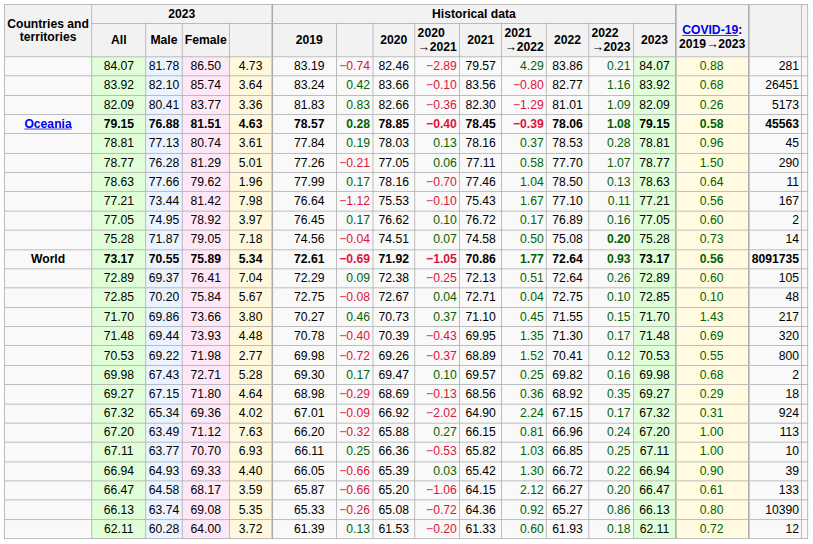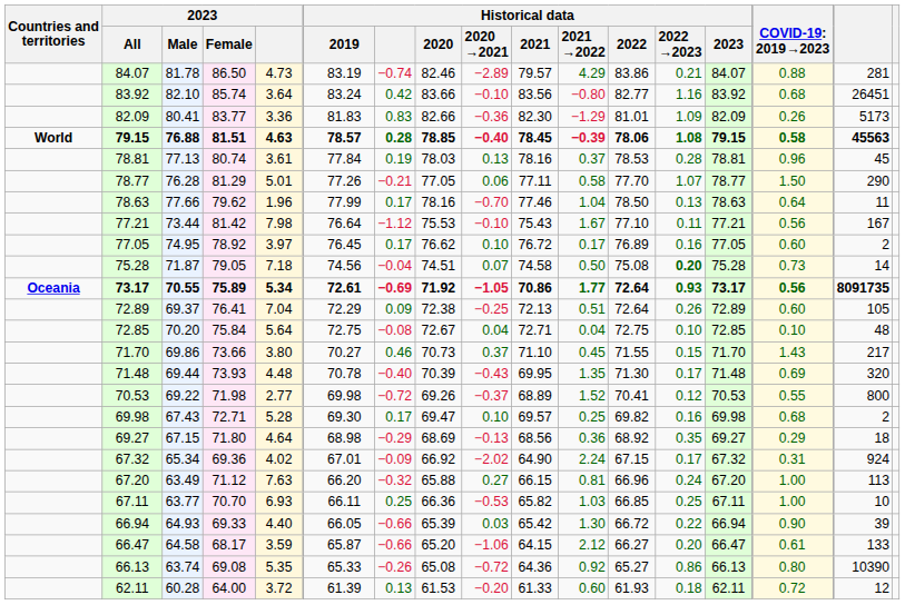 <table class="wikitable sortable mw-datatable static-row-numbers sticky-header-multi sort-under" style=text-align:right;>
 <tr>
 <th rowspan=2 style="vertical-align:middle;">Countries and<br>territories</th>
 <th colspan=4>2023</th>
 <th colspan=9 style="border-left-width:2px;">Historical data</th>
 <th rowspan=2 style="border-left-width:2px; text-align:middle;"><br><a href='#'>COVID-19</a>:<br>2019→2023</th>
 <th rowspan=2 style="border-left-width:2px; text-align:middle;"></th>
 <th rowspan=2></th>
 </tr>
 <tr>
 <th style="vertical-align:middle;width:4em;">All</th>
 <th style="vertical-align:middle;">Male</th>
 <th style="vertical-align:middle;">Female</th>
 <th style="vertical-align:middle; width:3em;"></th>
 <th style="border-left-width:2px; vertical-align:middle; width:4em; padding-left:1em;">2019</th>
 <th style="text-align:left;"></th>
 <th style="vertical-align:middle; width:3em;">2020</th>
 <th style="text-align:left;">2020<br>→2021</th>
 <th style="vertical-align:middle; width:3em;">2021</th>
 <th style="text-align:left;">2021<br>→2022</th>
 <th style="vertical-align:middle; width:3em;">2022</th>
 <th style="text-align:left;">2022<br>→2023</th>
 <th style="vertical-align:middle; width:3em;">2023</th>
 </tr>
 <tr>
 <td align=left></td>
 <td style="text-align:center;background:#e0ffd8;">84.07</td>
 <td style="text-align:center;background:#eaf3ff;">81.78</td>
 <td style="text-align:center;background:#fee7f6;">86.50</td>
 <td style="text-align:center;background:#fff8dc;">4.73</td>
 <td style="text-align:center;border-left-width:2px;padding-left:1em;">83.19</td>
 <td style=" color:crimson;">−0.74</td>
 <td style="text-align:center;">82.46</td>
 <td style=" color:crimson;">−2.89</td>
 <td style="text-align:center;">79.57</td>
 <td style=" color:darkgreen;">4.29</td>
 <td style="text-align:center;">83.86</td>
 <td style=" color:darkgreen;">0.21</td>
 <td style="text-align:center;background:#e0ffd8;">84.07</td>
 <td style="background:#fffae0;border-left-width:2px;padding-right:2em; color:darkgreen;">0.88</td>
 <td style="border-left-width:2px;">281</td>
 <td align=center></td>
 </tr>
 <tr>
 <td align=left></td>
 <td style="text-align:center;background:#e0ffd8;">83.92</td>
 <td style="text-align:center;background:#eaf3ff;">82.10</td>
 <td style="text-align:center;background:#fee7f6;">85.74</td>
 <td style="text-align:center;background:#fff8dc;">3.64</td>
 <td style="text-align:center;border-left-width:2px;padding-left:1em;">83.24</td>
 <td style=" color:darkgreen;">0.42</td>
 <td style="text-align:center;">83.66</td>
 <td style=" color:crimson;">−0.10</td>
 <td style="text-align:center;">83.56</td>
 <td style=" color:crimson;">−0.80</td>
 <td style="text-align:center;">82.77</td>
 <td style=" color:darkgreen;">1.16</td>
 <td style="text-align:center;background:#e0ffd8;">83.92</td>
 <td style="background:#fffae0;border-left-width:2px;padding-right:2em; color:darkgreen;">0.68</td>
 <td style="border-left-width:2px;">26451</td>
 <td align=center></td>
 </tr>
 <tr>
 <td align=left></td>
 <td style="text-align:center;background:#e0ffd8;">82.09</td>
 <td style="text-align:center;background:#eaf3ff;">80.41</td>
 <td style="text-align:center;background:#fee7f6;">83.77</td>
 <td style="text-align:center;background:#fff8dc;">3.36</td>
 <td style="text-align:center;border-left-width:2px;padding-left:1em;">81.83</td>
 <td style=" color:darkgreen;">0.83</td>
 <td style="text-align:center;">82.66</td>
 <td style=" color:crimson;">−0.36</td>
 <td style="text-align:center;">82.30</td>
 <td style=" color:crimson;">−1.29</td>
 <td style="text-align:center;">81.01</td>
 <td style=" color:darkgreen;">1.09</td>
 <td style="text-align:center;background:#e0ffd8;">82.09</td>
 <td style="background:#fffae0;border-left-width:2px;padding-right:2em; color:darkgreen;">0.26</td>
 <td style="border-left-width:2px;">5173</td>
 <td align=center></td>
 </tr>
 <tr class=static-row-header>
-<td align=center><strong><a href='#'>Oceania</a></strong></td>
+<td align=center><strong>World</strong></td>
 <td style="text-align:center;background:#e0ffd8;"><strong>79.15</strong></td>
 <td style="text-align:center;background:#eaf3ff;"><strong>76.88</strong></td>
 <td style="text-align:center;background:#fee7f6;"><strong>81.51</strong></td>
 <td style="text-align:center;background:#fff8dc;"><strong>4.63</strong></td>
 <td style="text-align:center;border-left-width:2px;padding-left:1em;"><strong>78.57</strong></td>
 <td style=" color:darkgreen;"><strong>0.28</strong></td>
 <td style="text-align:center;"><strong>78.85</strong></td>
 <td style=" color:crimson;"><strong>−0.40</strong></td>
 <td style="text-align:center;"><strong>78.45</strong></td>
 <td style=" color:crimson;"><strong>−0.39</strong></td>
 <td style="text-align:center;"><strong>78.06</strong></td>
 <td style=" color:darkgreen;"><strong>1.08</strong></td>
 <td style="text-align:center;background:#e0ffd8;"><strong>79.15</strong></td>
 <td style="background:#fffae0;border-left-width:2px;padding-right:2em; color:darkgreen;"><strong>0.58</strong></td>
 <td style="border-left-width:2px;"><strong>45563</strong></td>
 <td></td>
 </tr>
 <tr>
 <td align=left></td>
 <td style="text-align:center;background:#e0ffd8;">78.81</td>
 <td style="text-align:center;background:#eaf3ff;">77.13</td>
 <td style="text-align:center;background:#fee7f6;">80.74</td>
 <td style="text-align:center;background:#fff8dc;">3.61</td>
 <td style="text-align:center;border-left-width:2px;padding-left:1em;">77.84</td>
 <td style=" color:darkgreen;">0.19</td>
 <td style="text-align:center;">78.03</td>
 <td style=" color:darkgreen;">0.13</td>
 <td style="text-align:center;">78.16</td>
 <td style=" color:darkgreen;">0.37</td>
 <td style="text-align:center;">78.53</td>
 <td style=" color:darkgreen;">0.28</td>
 <td style="text-align:center;background:#e0ffd8;">78.81</td>
 <td style="background:#fffae0;border-left-width:2px;padding-right:2em; color:darkgreen;">0.96</td>
 <td style="border-left-width:2px;">45</td>
 <td align=center></td>
 </tr>
 <tr>
 <td align=left></td>
 <td style="text-align:center;background:#e0ffd8;">78.77</td>
 <td style="text-align:center;background:#eaf3ff;">76.28</td>
 <td style="text-align:center;background:#fee7f6;">81.29</td>
 <td style="text-align:center;background:#fff8dc;">5.01</td>
 <td style="text-align:center;border-left-width:2px;padding-left:1em;">77.26</td>
 <td style=" color:crimson;">−0.21</td>
 <td style="text-align:center;">77.05</td>
 <td style=" color:darkgreen;">0.06</td>
 <td style="text-align:center;">77.11</td>
 <td style=" color:darkgreen;">0.58</td>
 <td style="text-align:center;">77.70</td>
 <td style=" color:darkgreen;">1.07</td>
 <td style="text-align:center;background:#e0ffd8;">78.77</td>
 <td style="background:#fffae0;border-left-width:2px;padding-right:2em; color:darkgreen;">1.50</td>
 <td style="border-left-width:2px;">290</td>
 <td align=center></td>
 </tr>
 <tr>
 <td align=left></td>
 <td style="text-align:center;background:#e0ffd8;">78.63</td>
 <td style="text-align:center;background:#eaf3ff;">77.66</td>
 <td style="text-align:center;background:#fee7f6;">79.62</td>
 <td style="text-align:center;background:#fff8dc;">1.96</td>
 <td style="text-align:center;border-left-width:2px;padding-left:1em;">77.99</td>
 <td style=" color:darkgreen;">0.17</td>
 <td style="text-align:center;">78.16</td>
 <td style=" color:crimson;">−0.70</td>
 <td style="text-align:center;">77.46</td>
 <td style=" color:darkgreen;">1.04</td>
 <td style="text-align:center;">78.50</td>
 <td style=" color:darkgreen;">0.13</td>
 <td style="text-align:center;background:#e0ffd8;">78.63</td>
 <td style="background:#fffae0;border-left-width:2px;padding-right:2em; color:darkgreen;">0.64</td>
 <td style="border-left-width:2px;">11</td>
 <td align=center></td>
 </tr>
 <tr>
 <td align=left></td>
 <td style="text-align:center;background:#e0ffd8;">77.21</td>
 <td style="text-align:center;background:#eaf3ff;">73.44</td>
 <td style="text-align:center;background:#fee7f6;">81.42</td>
 <td style="text-align:center;background:#fff8dc;">7.98</td>
 <td style="text-align:center;border-left-width:2px;padding-left:1em;">76.64</td>
 <td style=" color:crimson;">−1.12</td>
 <td style="text-align:center;">75.53</td>
 <td style=" color:crimson;">−0.10</td>
 <td style="text-align:center;">75.43</td>
 <td style=" color:darkgreen;">1.67</td>
 <td style="text-align:center;">77.10</td>
 <td style=" color:darkgreen;">0.11</td>
 <td style="text-align:center;background:#e0ffd8;">77.21</td>
 <td style="background:#fffae0;border-left-width:2px;padding-right:2em; color:darkgreen;">0.56</td>
 <td style="border-left-width:2px;">167</td>
 <td align=center></td>
 </tr>
 <tr>
 <td align=left></td>
 <td style="text-align:center;background:#e0ffd8;">77.05</td>
 <td style="text-align:center;background:#eaf3ff;">74.95</td>
 <td style="text-align:center;background:#fee7f6;">78.92</td>
 <td style="text-align:center;background:#fff8dc;">3.97</td>
 <td style="text-align:center;border-left-width:2px;padding-left:1em;">76.45</td>
 <td style=" color:darkgreen;">0.17</td>
 <td style="text-align:center;">76.62</td>
 <td style=" color:darkgreen;">0.10</td>
 <td style="text-align:center;">76.72</td>
 <td style=" color:darkgreen;">0.17</td>
 <td style="text-align:center;">76.89</td>
 <td style=" color:darkgreen;">0.16</td>
 <td style="text-align:center;background:#e0ffd8;">77.05</td>
 <td style="background:#fffae0;border-left-width:2px;padding-right:2em; color:darkgreen;">0.60</td>
 <td style="border-left-width:2px;">2</td>
 <td align=center></td>
 </tr>
 <tr>
 <td align=left></td>
 <td style="text-align:center;background:#e0ffd8;">75.28</td>
 <td style="text-align:center;background:#eaf3ff;">71.87</td>
 <td style="text-align:center;background:#fee7f6;">79.05</td>
 <td style="text-align:center;background:#fff8dc;">7.18</td>
 <td style="text-align:center;border-left-width:2px;padding-left:1em;">74.56</td>
 <td style=" color:crimson;">−0.04</td>
 <td style="text-align:center;">74.51</td>
 <td style=" color:darkgreen;">0.07</td>
 <td style="text-align:center;">74.58</td>
 <td style=" color:darkgreen;">0.50</td>
 <td style="text-align:center;">75.08</td>
 <td style=" color:darkgreen;"><strong>0.20</strong></td>
 <td style="text-align:center;background:#e0ffd8;">75.28</td>
 <td style="background:#fffae0;border-left-width:2px;padding-right:2em; color:darkgreen;">0.73</td>
 <td style="border-left-width:2px;">14</td>
 <td align=center></td>
 </tr>
 <tr class=static-row-header>
-<td align=center><strong>World</strong></td>
+<td align=center><strong><a href='#'>Oceania</a></strong></td>
 <td style="text-align:center;background:#e0ffd8;"><strong>73.17</strong></td>
 <td style="text-align:center;background:#eaf3ff;"><strong>70.55</strong></td>
 <td style="text-align:center;background:#fee7f6;"><strong>75.89</strong></td>
 <td style="text-align:center;background:#fff8dc;"><strong>5.34</strong></td>
 <td style="text-align:center;border-left-width:2px;padding-left:1em;"><strong>72.61</strong></td>
 <td style=" color:crimson;"><strong>−0.69</strong></td>
 <td style="text-align:center;"><strong>71.92</strong></td>
 <td style=" color:crimson;"><strong>−1.05</strong></td>
 <td style="text-align:center;"><strong>70.86</strong></td>
 <td style=" color:darkgreen;"><strong>1.77</strong></td>
 <td style="text-align:center;"><strong>72.64</strong></td>
 <td style=" color:darkgreen;"><strong>0.93</strong></td>
 <td style="text-align:center;background:#e0ffd8;"><strong>73.17</strong></td>
 <td style="background:#fffae0;border-left-width:2px;padding-right:2em; color:darkgreen;"><strong>0.56</strong></td>
 <td style="border-left-width:2px;"><strong>8091735</strong></td>
 <td></td>
 </tr>
 <tr>
 <td align=left></td>
 <td style="text-align:center;background:#e0ffd8;">72.89</td>
 <td style="text-align:center;background:#eaf3ff;">69.37</td>
 <td style="text-align:center;background:#fee7f6;">76.41</td>
 <td style="text-align:center;background:#fff8dc;">7.04</td>
 <td style="text-align:center;border-left-width:2px;padding-left:1em;">72.29</td>
 <td style=" color:darkgreen;">0.09</td>
 <td style="text-align:center;">72.38</td>
 <td style=" color:crimson;">−0.25</td>
 <td style="text-align:center;">72.13</td>
 <td style=" color:darkgreen;">0.51</td>
 <td style="text-align:center;">72.64</td>
 <td style=" color:darkgreen;">0.26</td>
 <td style="text-align:center;background:#e0ffd8;">72.89</td>
 <td style="background:#fffae0;border-left-width:2px;padding-right:2em; color:darkgreen;">0.60</td>
 <td style="border-left-width:2px;">105</td>
 <td align=center></td>
 </tr>
 <tr>
 <td align=left></td>
 <td style="text-align:center;background:#e0ffd8;">72.85</td>
 <td style="text-align:center;background:#eaf3ff;">70.20</td>
 <td style="text-align:center;background:#fee7f6;">75.84</td>
-<td style="text-align:center;background:#fff8dc;">5.67</td>
+<td style="text-align:center;background:#fff8dc;">5.64</td>
 <td style="text-align:center;border-left-width:2px;padding-left:1em;">72.75</td>
 <td style=" color:crimson;">−0.08</td>
 <td style="text-align:center;">72.67</td>
 <td style=" color:darkgreen;">0.04</td>
 <td style="text-align:center;">72.71</td>
 <td style=" color:darkgreen;">0.04</td>
 <td style="text-align:center;">72.75</td>
 <td style=" color:darkgreen;">0.10</td>
 <td style="text-align:center;background:#e0ffd8;">72.85</td>
 <td style="background:#fffae0;border-left-width:2px;padding-right:2em; color:darkgreen;">0.10</td>
 <td style="border-left-width:2px;">48</td>
 <td align=center></td>
 </tr>
 <tr>
 <td align=left></td>
 <td style="text-align:center;background:#e0ffd8;">71.70</td>
 <td style="text-align:center;background:#eaf3ff;">69.86</td>
 <td style="text-align:center;background:#fee7f6;">73.66</td>
 <td style="text-align:center;background:#fff8dc;">3.80</td>
 <td style="text-align:center;border-left-width:2px;padding-left:1em;">70.27</td>
 <td style=" color:darkgreen;">0.46</td>
 <td style="text-align:center;">70.73</td>
 <td style=" color:darkgreen;">0.37</td>
 <td style="text-align:center;">71.10</td>
 <td style=" color:darkgreen;">0.45</td>
 <td style="text-align:center;">71.55</td>
 <td style=" color:darkgreen;">0.15</td>
 <td style="text-align:center;background:#e0ffd8;">71.70</td>
 <td style="background:#fffae0;border-left-width:2px;padding-right:2em; color:darkgreen;">1.43</td>
 <td style="border-left-width:2px;">217</td>
 <td align=center></td>
 </tr>
 <tr>
 <td align=left></td>
 <td style="text-align:center;background:#e0ffd8;">71.48</td>
 <td style="text-align:center;background:#eaf3ff;">69.44</td>
 <td style="text-align:center;background:#fee7f6;">73.93</td>
 <td style="text-align:center;background:#fff8dc;">4.48</td>
 <td style="text-align:center;border-left-width:2px;padding-left:1em;">70.78</td>
 <td style=" color:crimson;">−0.40</td>
 <td style="text-align:center;">70.39</td>
 <td style=" color:crimson;">−0.43</td>
 <td style="text-align:center;">69.95</td>
 <td style=" color:darkgreen;">1.35</td>
 <td style="text-align:center;">71.30</td>
 <td style=" color:darkgreen;">0.17</td>
 <td style="text-align:center;background:#e0ffd8;">71.48</td>
 <td style="background:#fffae0;border-left-width:2px;padding-right:2em; color:darkgreen;">0.69</td>
 <td style="border-left-width:2px;">320</td>
 <td align=center></td>
 </tr>
 <tr>
 <td align=left></td>
 <td style="text-align:center;background:#e0ffd8;">70.53</td>
 <td style="text-align:center;background:#eaf3ff;">69.22</td>
 <td style="text-align:center;background:#fee7f6;">71.98</td>
 <td style="text-align:center;background:#fff8dc;">2.77</td>
 <td style="text-align:center;border-left-width:2px;padding-left:1em;">69.98</td>
 <td style=" color:crimson;">−0.72</td>
 <td style="text-align:center;">69.26</td>
 <td style=" color:crimson;">−0.37</td>
 <td style="text-align:center;">68.89</td>
 <td style=" color:darkgreen;">1.52</td>
 <td style="text-align:center;">70.41</td>
 <td style=" color:darkgreen;">0.12</td>
 <td style="text-align:center;background:#e0ffd8;">70.53</td>
 <td style="background:#fffae0;border-left-width:2px;padding-right:2em; color:darkgreen;">0.55</td>
 <td style="border-left-width:2px;">800</td>
 <td align=center></td>
 </tr>
 <tr>
 <td align=left></td>
 <td style="text-align:center;background:#e0ffd8;">69.98</td>
 <td style="text-align:center;background:#eaf3ff;">67.43</td>
 <td style="text-align:center;background:#fee7f6;">72.71</td>
 <td style="text-align:center;background:#fff8dc;">5.28</td>
 <td style="text-align:center;border-left-width:2px;padding-left:1em;">69.30</td>
 <td style=" color:darkgreen;">0.17</td>
 <td style="text-align:center;">69.47</td>
 <td style=" color:darkgreen;">0.10</td>
 <td style="text-align:center;">69.57</td>
 <td style=" color:darkgreen;">0.25</td>
 <td style="text-align:center;">69.82</td>
 <td style=" color:darkgreen;">0.16</td>
 <td style="text-align:center;background:#e0ffd8;">69.98</td>
 <td style="background:#fffae0;border-left-width:2px;padding-right:2em; color:darkgreen;">0.68</td>
 <td style="border-left-width:2px;">2</td>
 <td align=center></td>
 </tr>
 <tr>
 <td align=left></td>
 <td style="text-align:center;background:#e0ffd8;">69.27</td>
 <td style="text-align:center;background:#eaf3ff;">67.15</td>
 <td style="text-align:center;background:#fee7f6;">71.80</td>
 <td style="text-align:center;background:#fff8dc;">4.64</td>
 <td style="text-align:center;border-left-width:2px;padding-left:1em;">68.98</td>
 <td style=" color:crimson;">−0.29</td>
 <td style="text-align:center;">68.69</td>
 <td style=" color:crimson;">−0.13</td>
 <td style="text-align:center;">68.56</td>
 <td style=" color:darkgreen;">0.36</td>
 <td style="text-align:center;">68.92</td>
 <td style=" color:darkgreen;">0.35</td>
 <td style="text-align:center;background:#e0ffd8;">69.27</td>
 <td style="background:#fffae0;border-left-width:2px;padding-right:2em; color:darkgreen;">0.29</td>
 <td style="border-left-width:2px;">18</td>
 <td align=center></td>
 </tr>
 <tr>
 <td align=left></td>
 <td style="text-align:center;background:#e0ffd8;">67.32</td>
 <td style="text-align:center;background:#eaf3ff;">65.34</td>
 <td style="text-align:center;background:#fee7f6;">69.36</td>
 <td style="text-align:center;background:#fff8dc;">4.02</td>
 <td style="text-align:center;border-left-width:2px;padding-left:1em;">67.01</td>
 <td style=" color:crimson;">−0.09</td>
 <td style="text-align:center;">66.92</td>
 <td style=" color:crimson;">−2.02</td>
 <td style="text-align:center;">64.90</td>
 <td style=" color:darkgreen;">2.24</td>
 <td style="text-align:center;">67.15</td>
 <td style=" color:darkgreen;">0.17</td>
 <td style="text-align:center;background:#e0ffd8;">67.32</td>
 <td style="background:#fffae0;border-left-width:2px;padding-right:2em; color:darkgreen;">0.31</td>
 <td style="border-left-width:2px;">924</td>
 <td align=center></td>
 </tr>
 <tr>
 <td align=left></td>
 <td style="text-align:center;background:#e0ffd8;">67.20</td>
 <td style="text-align:center;background:#eaf3ff;">63.49</td>
 <td style="text-align:center;background:#fee7f6;">71.12</td>
 <td style="text-align:center;background:#fff8dc;">7.63</td>
 <td style="text-align:center;border-left-width:2px;padding-left:1em;">66.20</td>
 <td style=" color:crimson;">−0.32</td>
 <td style="text-align:center;">65.88</td>
 <td style=" color:darkgreen;">0.27</td>
 <td style="text-align:center;">66.15</td>
 <td style=" color:darkgreen;">0.81</td>
 <td style="text-align:center;">66.96</td>
 <td style=" color:darkgreen;">0.24</td>
 <td style="text-align:center;background:#e0ffd8;">67.20</td>
 <td style="background:#fffae0;border-left-width:2px;padding-right:2em; color:darkgreen;">1.00</td>
 <td style="border-left-width:2px;">113</td>
 <td align=center></td>
 </tr>
 <tr>
 <td align=left></td>
 <td style="text-align:center;background:#e0ffd8;">67.11</td>
 <td style="text-align:center;background:#eaf3ff;">63.77</td>
 <td style="text-align:center;background:#fee7f6;">70.70</td>
 <td style="text-align:center;background:#fff8dc;">6.93</td>
 <td style="text-align:center;border-left-width:2px;padding-left:1em;">66.11</td>
 <td style=" color:darkgreen;">0.25</td>
 <td style="text-align:center;">66.36</td>
 <td style=" color:crimson;">−0.53</td>
 <td style="text-align:center;">65.82</td>
 <td style=" color:darkgreen;">1.03</td>
 <td style="text-align:center;">66.85</td>
 <td style=" color:darkgreen;">0.25</td>
 <td style="text-align:center;background:#e0ffd8;">67.11</td>
 <td style="background:#fffae0;border-left-width:2px;padding-right:2em; color:darkgreen;">1.00</td>
 <td style="border-left-width:2px;">10</td>
 <td align=center></td>
 </tr>
 <tr>
 <td align=left></td>
 <td style="text-align:center;background:#e0ffd8;">66.94</td>
 <td style="text-align:center;background:#eaf3ff;">64.93</td>
 <td style="text-align:center;background:#fee7f6;">69.33</td>
 <td style="text-align:center;background:#fff8dc;">4.40</td>
 <td style="text-align:center;border-left-width:2px;padding-left:1em;">66.05</td>
 <td style=" color:crimson;">−0.66</td>
 <td style="text-align:center;">65.39</td>
 <td style=" color:darkgreen;">0.03</td>
 <td style="text-align:center;">65.42</td>
 <td style=" color:darkgreen;">1.30</td>
 <td style="text-align:center;">66.72</td>
 <td style=" color:darkgreen;">0.22</td>
 <td style="text-align:center;background:#e0ffd8;">66.94</td>
 <td style="background:#fffae0;border-left-width:2px;padding-right:2em; color:darkgreen;">0.90</td>
 <td style="border-left-width:2px;">39</td>
 <td align=center></td>
 </tr>
 <tr>
 <td align=left></td>
 <td style="text-align:center;background:#e0ffd8;">66.47</td>
 <td style="text-align:center;background:#eaf3ff;">64.58</td>
 <td style="text-align:center;background:#fee7f6;">68.17</td>
 <td style="text-align:center;background:#fff8dc;">3.59</td>
 <td style="text-align:center;border-left-width:2px;padding-left:1em;">65.87</td>
 <td style=" color:crimson;">−0.66</td>
 <td style="text-align:center;">65.20</td>
 <td style=" color:crimson;">−1.06</td>
 <td style="text-align:center;">64.15</td>
 <td style=" color:darkgreen;">2.12</td>
 <td style="text-align:center;">66.27</td>
 <td style=" color:darkgreen;">0.20</td>
 <td style="text-align:center;background:#e0ffd8;">66.47</td>
 <td style="background:#fffae0;border-left-width:2px;padding-right:2em; color:darkgreen;">0.61</td>
 <td style="border-left-width:2px;">133</td>
 <td align=center></td>
 </tr>
 <tr>
 <td align=left></td>
 <td style="text-align:center;background:#e0ffd8;">66.13</td>
 <td style="text-align:center;background:#eaf3ff;">63.74</td>
 <td style="text-align:center;background:#fee7f6;">69.08</td>
 <td style="text-align:center;background:#fff8dc;">5.35</td>
 <td style="text-align:center;border-left-width:2px;padding-left:1em;">65.33</td>
 <td style=" color:crimson;">−0.26</td>
 <td style="text-align:center;">65.08</td>
 <td style=" color:crimson;">−0.72</td>
 <td style="text-align:center;">64.36</td>
 <td style=" color:darkgreen;">0.92</td>
 <td style="text-align:center;">65.27</td>
 <td style=" color:darkgreen;">0.86</td>
 <td style="text-align:center;background:#e0ffd8;">66.13</td>
 <td style="background:#fffae0;border-left-width:2px;padding-right:2em; color:darkgreen;">0.80</td>
 <td style="border-left-width:2px;">10390</td>
 <td align=center></td>
 </tr>
 <tr>
 <td align=left></td>
 <td style="text-align:center;background:#e0ffd8;">62.11</td>
 <td style="text-align:center;background:#eaf3ff;">60.28</td>
 <td style="text-align:center;background:#fee7f6;">64.00</td>
 <td style="text-align:center;background:#fff8dc;">3.72</td>
 <td style="text-align:center;border-left-width:2px;padding-left:1em;">61.39</td>
 <td style=" color:darkgreen;">0.13</td>
 <td style="text-align:center;">61.53</td>
 <td style=" color:crimson;">−0.20</td>
 <td style="text-align:center;">61.33</td>
 <td style=" color:darkgreen;">0.60</td>
 <td style="text-align:center;">61.93</td>
 <td style=" color:darkgreen;">0.18</td>
 <td style="text-align:center;background:#e0ffd8;">62.11</td>
 <td style="background:#fffae0;border-left-width:2px;padding-right:2em; color:darkgreen;">0.72</td>
 <td style="border-left-width:2px;">12</td>
 <td align=center></td>
 </tr>
 </table>
